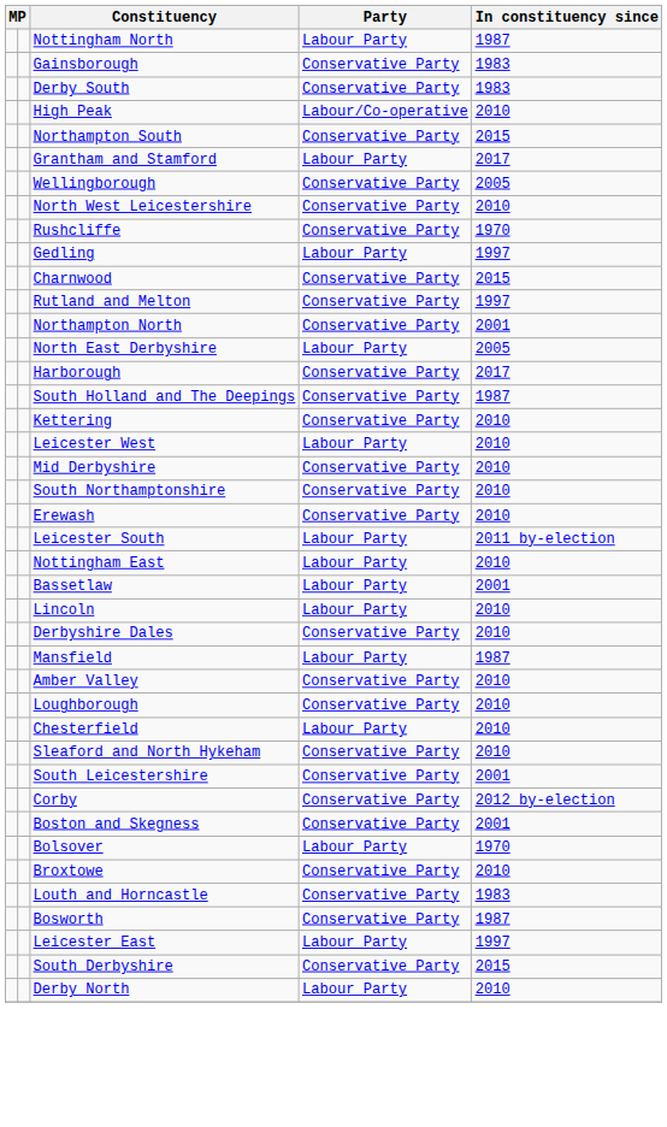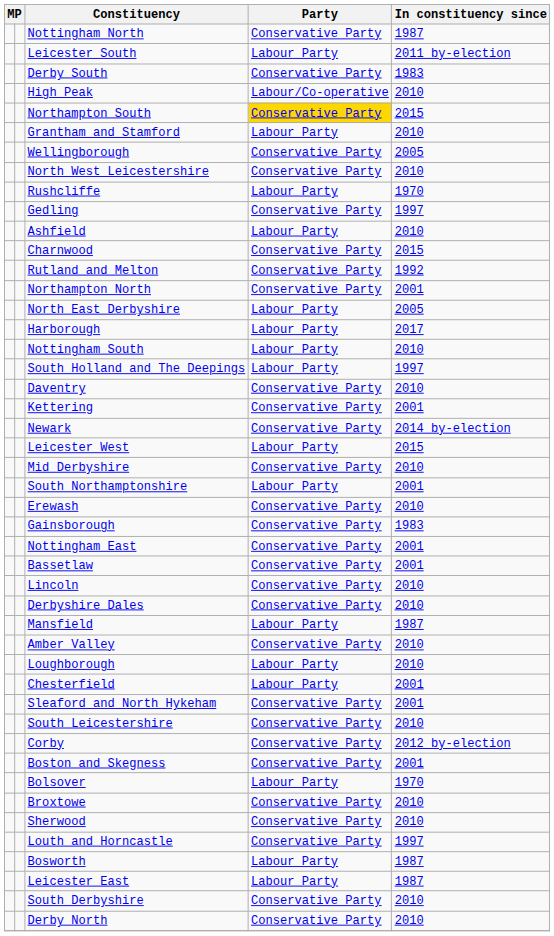 <table class="wikitable sortable">
 <tr>
 <th colspan=2>MP</th>
 <th>Constituency</th>
 <th>Party</th>
 <th>In constituency since</th>
 </tr>
 <tr>
 <td style="color:inherit;background-color: "></td>
 <td></td>
 <td><a href='#'>Nottingham North</a></td>
-<td><a href='#'>Labour Party</a></td>
+<td><a href='#'>Conservative Party</a></td>
 <td><a href='#'>1987</a></td>
 </tr>
 <tr>
 <td style="color:inherit;background-color: "></td>
 <td></td>
-<td><a href='#'>Gainsborough</a></td>
-<td><a href='#'>Conservative Party</a></td>
-<td><a href='#'>1983</a></td>
+<td><a href='#'>Leicester South</a></td>
+<td><a href='#'>Labour Party</a></td>
+<td><a href='#'>2011 by-election</a></td>
 </tr>
 <tr>
 <td style="color:inherit;background-color: "></td>
 <td></td>
 <td><a href='#'>Derby South</a></td>
 <td><a href='#'>Conservative Party</a></td>
 <td><a href='#'>1983</a></td>
 </tr>
 <tr>
 <td style="color:inherit;background-color: "></td>
 <td></td>
 <td><a href='#'>High Peak</a></td>
 <td><a href='#'>Labour/Co-operative</a></td>
 <td><a href='#'>2010</a></td>
 </tr>
 <tr>
 <td style="color:inherit;background-color: "></td>
 <td></td>
 <td><a href='#'>Northampton South</a></td>
-<td><a href='#'>Conservative Party</a></td>
+<td style="background: gold;"><a href='#'>Conservative Party</a></td>
 <td><a href='#'>2015</a></td>
 </tr>
 <tr>
 <td style="color:inherit;background-color: "></td>
 <td></td>
 <td><a href='#'>Grantham and Stamford</a></td>
 <td><a href='#'>Labour Party</a></td>
-<td><a href='#'>2017</a></td>
+<td><a href='#'>2010</a></td>
 </tr>
 <tr>
 <td style="color:inherit;background-color: "></td>
 <td></td>
 <td><a href='#'>Wellingborough</a></td>
 <td><a href='#'>Conservative Party</a></td>
 <td><a href='#'>2005</a></td>
 </tr>
 <tr>
 <td style="color:inherit;background-color: "></td>
 <td></td>
 <td><a href='#'>North West Leicestershire</a></td>
 <td><a href='#'>Conservative Party</a></td>
 <td><a href='#'>2010</a></td>
 </tr>
 <tr>
 <td style="color:inherit;background-color: "></td>
 <td></td>
 <td><a href='#'>Rushcliffe</a></td>
-<td><a href='#'>Conservative Party</a></td>
+<td><a href='#'>Labour Party</a></td>
 <td><a href='#'>1970</a></td>
 </tr>
 <tr>
 <td style="color:inherit;background-color: "></td>
 <td></td>
 <td><a href='#'>Gedling</a></td>
+<td><a href='#'>Conservative Party</a></td>
+<td><a href='#'>1997</a></td>
+</tr>
+<tr>
+<td style="color:inherit;background-color: "></td>
+<td></td>
+<td><a href='#'>Ashfield</a></td>
 <td><a href='#'>Labour Party</a></td>
-<td><a href='#'>1997</a></td>
+<td><a href='#'>2010</a></td>
 </tr>
 <tr>
 <td style="color:inherit;background-color: "></td>
 <td></td>
 <td><a href='#'>Charnwood</a></td>
 <td><a href='#'>Conservative Party</a></td>
 <td><a href='#'>2015</a></td>
 </tr>
 <tr>
 <td style="color:inherit;background-color: "></td>
 <td></td>
 <td><a href='#'>Rutland and Melton</a></td>
 <td><a href='#'>Conservative Party</a></td>
-<td><a href='#'>1997</a></td>
+<td><a href='#'>1992</a></td>
 </tr>
 <tr>
 <td style="color:inherit;background-color: "></td>
 <td></td>
 <td><a href='#'>Northampton North</a></td>
 <td><a href='#'>Conservative Party</a></td>
 <td><a href='#'>2001</a></td>
 </tr>
 <tr>
 <td style="color:inherit;background-color: "></td>
 <td></td>
 <td><a href='#'>North East Derbyshire</a></td>
 <td><a href='#'>Labour Party</a></td>
 <td><a href='#'>2005</a></td>
 </tr>
 <tr>
 <td style="color:inherit;background-color: "></td>
 <td></td>
 <td><a href='#'>Harborough</a></td>
-<td><a href='#'>Conservative Party</a></td>
+<td><a href='#'>Labour Party</a></td>
 <td><a href='#'>2017</a></td>
 </tr>
 <tr>
 <td style="color:inherit;background-color: "></td>
 <td></td>
+<td><a href='#'>Nottingham South</a></td>
+<td><a href='#'>Labour Party</a></td>
+<td><a href='#'>2010</a></td>
+</tr>
+<tr>
+<td style="color:inherit;background-color: "></td>
+<td></td>
 <td><a href='#'>South Holland and The Deepings</a></td>
+<td><a href='#'>Labour Party</a></td>
+<td><a href='#'>1997</a></td>
+</tr>
+<tr>
+<td style="color:inherit;background-color: "></td>
+<td></td>
+<td><a href='#'>Daventry</a></td>
 <td><a href='#'>Conservative Party</a></td>
-<td><a href='#'>1987</a></td>
+<td><a href='#'>2010</a></td>
 </tr>
 <tr>
 <td style="color:inherit;background-color: "></td>
 <td></td>
 <td><a href='#'>Kettering</a></td>
 <td><a href='#'>Conservative Party</a></td>
-<td><a href='#'>2010</a></td>
+<td><a href='#'>2001</a></td>
+</tr>
+<tr>
+<td style="color:inherit;background-color: "></td>
+<td></td>
+<td><a href='#'>Newark</a></td>
+<td><a href='#'>Conservative Party</a></td>
+<td><a href='#'>2014 by-election</a></td>
 </tr>
 <tr>
 <td style="color:inherit;background-color: "></td>
 <td></td>
 <td><a href='#'>Leicester West</a></td>
 <td><a href='#'>Labour Party</a></td>
-<td><a href='#'>2010</a></td>
+<td><a href='#'>2015</a></td>
 </tr>
 <tr>
 <td style="color:inherit;background-color: "></td>
 <td></td>
 <td><a href='#'>Mid Derbyshire</a></td>
 <td><a href='#'>Conservative Party</a></td>
 <td><a href='#'>2010</a></td>
 </tr>
 <tr>
 <td style="color:inherit;background-color: "></td>
 <td></td>
 <td><a href='#'>South Northamptonshire</a></td>
-<td><a href='#'>Conservative Party</a></td>
-<td><a href='#'>2010</a></td>
+<td><a href='#'>Labour Party</a></td>
+<td><a href='#'>2001</a></td>
 </tr>
 <tr>
 <td style="color:inherit;background-color: "></td>
 <td></td>
 <td><a href='#'>Erewash</a></td>
 <td><a href='#'>Conservative Party</a></td>
 <td><a href='#'>2010</a></td>
 </tr>
 <tr>
 <td style="color:inherit;background-color: "></td>
 <td></td>
-<td><a href='#'>Leicester South</a></td>
-<td><a href='#'>Labour Party</a></td>
-<td><a href='#'>2011 by-election</a></td>
+<td><a href='#'>Gainsborough</a></td>
+<td><a href='#'>Conservative Party</a></td>
+<td><a href='#'>1983</a></td>
 </tr>
 <tr>
 <td style="color:inherit;background-color: "></td>
 <td></td>
 <td><a href='#'>Nottingham East</a></td>
-<td><a href='#'>Labour Party</a></td>
-<td><a href='#'>2010</a></td>
+<td><a href='#'>Conservative Party</a></td>
+<td><a href='#'>2001</a></td>
 </tr>
 <tr>
 <td style="color:inherit;background-color: "></td>
 <td></td>
 <td><a href='#'>Bassetlaw</a></td>
-<td><a href='#'>Labour Party</a></td>
+<td><a href='#'>Conservative Party</a></td>
 <td><a href='#'>2001</a></td>
 </tr>
 <tr>
 <td style="color:inherit;background-color: "></td>
 <td></td>
 <td><a href='#'>Lincoln</a></td>
-<td><a href='#'>Labour Party</a></td>
+<td><a href='#'>Conservative Party</a></td>
 <td><a href='#'>2010</a></td>
 </tr>
 <tr>
 <td style="color:inherit;background-color: "></td>
 <td></td>
 <td><a href='#'>Derbyshire Dales</a></td>
 <td><a href='#'>Conservative Party</a></td>
 <td><a href='#'>2010</a></td>
 </tr>
 <tr>
 <td style="color:inherit;background-color: "></td>
 <td></td>
 <td><a href='#'>Mansfield</a></td>
 <td><a href='#'>Labour Party</a></td>
 <td><a href='#'>1987</a></td>
 </tr>
 <tr>
 <td style="color:inherit;background-color: "></td>
 <td></td>
 <td><a href='#'>Amber Valley</a></td>
 <td><a href='#'>Conservative Party</a></td>
 <td><a href='#'>2010</a></td>
 </tr>
 <tr>
 <td style="color:inherit;background-color: "></td>
 <td></td>
 <td><a href='#'>Loughborough</a></td>
-<td><a href='#'>Conservative Party</a></td>
+<td><a href='#'>Labour Party</a></td>
 <td><a href='#'>2010</a></td>
 </tr>
 <tr>
 <td style="color:inherit;background-color: "></td>
 <td></td>
 <td><a href='#'>Chesterfield</a></td>
 <td><a href='#'>Labour Party</a></td>
-<td><a href='#'>2010</a></td>
+<td><a href='#'>2001</a></td>
 </tr>
 <tr>
 <td style="color:inherit;background-color: "></td>
 <td></td>
 <td><a href='#'>Sleaford and North Hykeham</a></td>
 <td><a href='#'>Conservative Party</a></td>
-<td><a href='#'>2010</a></td>
+<td><a href='#'>2001</a></td>
 </tr>
 <tr>
 <td style="color:inherit;background-color: "></td>
 <td></td>
 <td><a href='#'>South Leicestershire</a></td>
 <td><a href='#'>Conservative Party</a></td>
-<td><a href='#'>2001</a></td>
+<td><a href='#'>2010</a></td>
 </tr>
 <tr>
 <td style="color:inherit;background-color: "></td>
 <td></td>
 <td><a href='#'>Corby</a></td>
 <td><a href='#'>Conservative Party</a></td>
 <td><a href='#'>2012 by-election</a></td>
 </tr>
 <tr>
 <td style="color:inherit;background-color: "></td>
 <td></td>
 <td><a href='#'>Boston and Skegness</a></td>
 <td><a href='#'>Conservative Party</a></td>
 <td><a href='#'>2001</a></td>
 </tr>
 <tr>
 <td style="color:inherit;background-color: "></td>
 <td></td>
 <td><a href='#'>Bolsover</a></td>
 <td><a href='#'>Labour Party</a></td>
 <td><a href='#'>1970</a></td>
 </tr>
 <tr>
 <td style="color:inherit;background-color: "></td>
 <td></td>
 <td><a href='#'>Broxtowe</a></td>
 <td><a href='#'>Conservative Party</a></td>
 <td><a href='#'>2010</a></td>
 </tr>
 <tr>
 <td style="color:inherit;background-color: "></td>
 <td></td>
+<td><a href='#'>Sherwood</a></td>
+<td><a href='#'>Conservative Party</a></td>
+<td><a href='#'>2010</a></td>
+</tr>
+<tr>
+<td style="color:inherit;background-color: "></td>
+<td></td>
 <td><a href='#'>Louth and Horncastle</a></td>
 <td><a href='#'>Conservative Party</a></td>
-<td><a href='#'>1983</a></td>
+<td><a href='#'>1997</a></td>
 </tr>
 <tr>
 <td style="color:inherit;background-color: "></td>
 <td></td>
 <td><a href='#'>Bosworth</a></td>
-<td><a href='#'>Conservative Party</a></td>
+<td><a href='#'>Labour Party</a></td>
 <td><a href='#'>1987</a></td>
 </tr>
 <tr>
 <td style="color:inherit;background-color: "></td>
 <td></td>
 <td><a href='#'>Leicester East</a></td>
 <td><a href='#'>Labour Party</a></td>
-<td><a href='#'>1997</a></td>
+<td><a href='#'>1987</a></td>
 </tr>
 <tr>
 <td style="color:inherit;background-color: "></td>
 <td></td>
 <td><a href='#'>South Derbyshire</a></td>
 <td><a href='#'>Conservative Party</a></td>
-<td><a href='#'>2015</a></td>
+<td><a href='#'>2010</a></td>
 </tr>
 <tr>
 <td style="color:inherit;background-color: "></td>
 <td></td>
 <td><a href='#'>Derby North</a></td>
-<td><a href='#'>Labour Party</a></td>
+<td><a href='#'>Conservative Party</a></td>
 <td><a href='#'>2010</a></td>
 </tr>
 <tr>
 </tr>
 </table>
